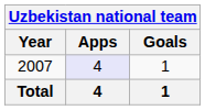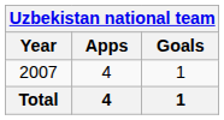 <table class="wikitable" style="text-align:center">
 <tr>
 <th colspan=3><a href='#'>Uzbekistan national team</a></th>
 </tr>
 <tr>
 <th>Year</th>
 <th>Apps</th>
 <th>Goals</th>
 </tr>
 <tr>
 <td>2007</td>
-<td style="background: lavender;">4</td>
+<td>4</td>
 <td>1</td>
 </tr>
 <tr>
 <th>Total</th>
 <th>4</th>
 <th>1</th>
 </tr>
 </table>
